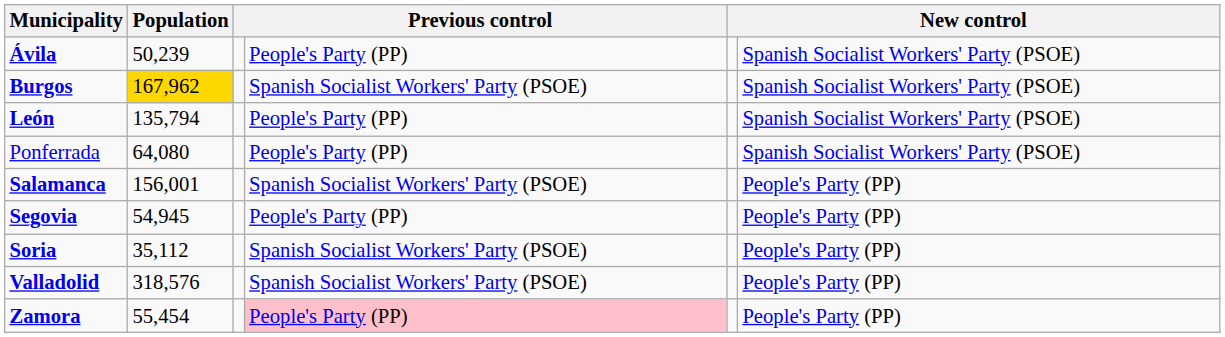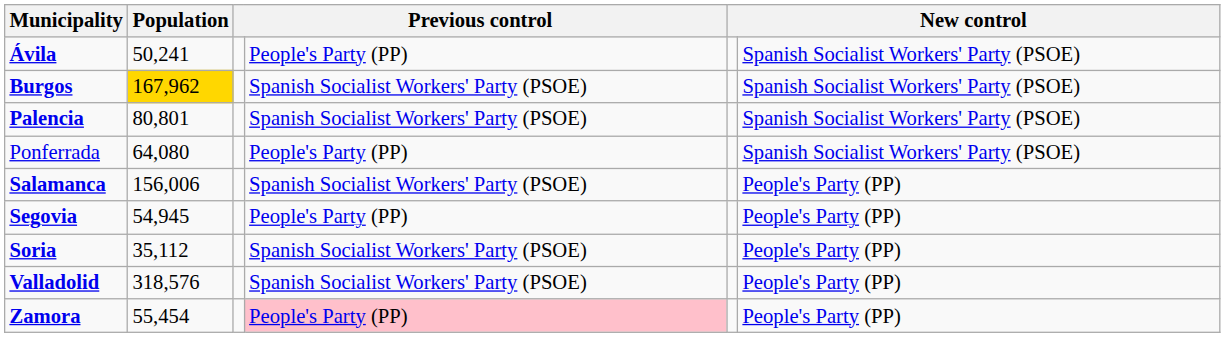 <table class="wikitable sortable">
 <tr>
 <th>Municipality</th>
 <th>Population</th>
 <th colspan="2" style="width:375px;">Previous control</th>
 <th colspan="2" style="width:375px;">New control</th>
 </tr>
 <tr>
 <td><strong><a href='#'>Ávila</a></strong></td>
-<td>50,239</td>
+<td>50,241</td>
 <td width="1" style="color:inherit;background:"></td>
 <td><a href='#'>People's Party</a> (PP)</td>
 <td width="1" style="color:inherit;background:"></td>
 <td><a href='#'>Spanish Socialist Workers' Party</a> (PSOE)</td>
 </tr>
 <tr>
 <td><strong><a href='#'>Burgos</a></strong></td>
 <td style="background: gold;">167,962</td>
 <td style="color:inherit;background:"></td>
 <td><a href='#'>Spanish Socialist Workers' Party</a> (PSOE)</td>
 <td style="color:inherit;background:"></td>
 <td><a href='#'>Spanish Socialist Workers' Party</a> (PSOE)</td>
 </tr>
 <tr>
-<td><strong><a href='#'>León</a></strong></td>
-<td>135,794</td>
+<td><strong><a href='#'>Palencia</a></strong></td>
+<td>80,801</td>
 <td style="color:inherit;background:"></td>
-<td><a href='#'>People's Party</a> (PP)</td>
+<td><a href='#'>Spanish Socialist Workers' Party</a> (PSOE)</td>
 <td style="color:inherit;background:"></td>
-<td><a href='#'>Spanish Socialist Workers' Party</a> (PSOE) </td>
+<td><a href='#'>Spanish Socialist Workers' Party</a> (PSOE)</td>
 </tr>
 <tr>
 <td><a href='#'>Ponferrada</a></td>
 <td>64,080</td>
 <td style="color:inherit;background:"></td>
 <td><a href='#'>People's Party</a> (PP)</td>
 <td style="color:inherit;background:"></td>
 <td><a href='#'>Spanish Socialist Workers' Party</a> (PSOE)</td>
 </tr>
 <tr>
 <td><strong><a href='#'>Salamanca</a></strong></td>
-<td>156,001</td>
+<td>156,006</td>
 <td style="color:inherit;background:"></td>
 <td><a href='#'>Spanish Socialist Workers' Party</a> (PSOE)</td>
 <td style="color:inherit;background:"></td>
 <td><a href='#'>People's Party</a> (PP)</td>
 </tr>
 <tr>
 <td><strong><a href='#'>Segovia</a></strong></td>
 <td>54,945</td>
 <td style="color:inherit;background:"></td>
 <td><a href='#'>People's Party</a> (PP)</td>
 <td style="color:inherit;background:"></td>
 <td><a href='#'>People's Party</a> (PP)</td>
 </tr>
 <tr>
 <td><strong><a href='#'>Soria</a></strong></td>
 <td>35,112</td>
 <td style="color:inherit;background:"></td>
 <td><a href='#'>Spanish Socialist Workers' Party</a> (PSOE)</td>
 <td style="color:inherit;background:"></td>
 <td><a href='#'>People's Party</a> (PP)</td>
 </tr>
 <tr>
 <td><strong><a href='#'>Valladolid</a></strong></td>
 <td>318,576</td>
 <td style="color:inherit;background:"></td>
 <td><a href='#'>Spanish Socialist Workers' Party</a> (PSOE)</td>
 <td style="color:inherit;background:"></td>
 <td><a href='#'>People's Party</a> (PP)</td>
 </tr>
 <tr>
 <td><strong><a href='#'>Zamora</a></strong></td>
 <td>55,454</td>
 <td style="color:inherit;background:"></td>
 <td style="background: pink;"><a href='#'>People's Party</a> (PP)</td>
 <td style="color:inherit;background:"></td>
 <td><a href='#'>People's Party</a> (PP)</td>
 </tr>
 </table>
